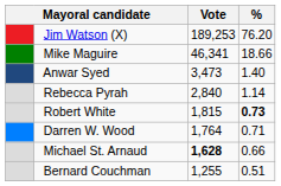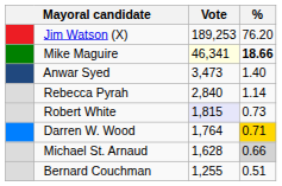 <table class="wikitable">
 <tr>
 <th bgcolor="#DDDDFF" width="230px" colspan="2">Mayoral candidate</th>
 <th bgcolor="#DDDDFF" width="50px">Vote</th>
 <th bgcolor="#DDDDFF" width="30px">%</th>
 </tr>
 <tr>
 <td bgcolor=#ED1D24 width="30px"> </td>
 <td>  <a href='#'>Jim Watson</a> (X)</td>
 <td>189,253</td>
 <td>76.20</td>
 </tr>
 <tr>
 <td bgcolor=#008000 width="30px"> </td>
 <td>  Mike Maguire</td>
-<td>46,341</td>
-<td>18.66</td>
+<td style="background: lightyellow;">46,341</td>
+<td><strong>18.66</strong></td>
 </tr>
 <tr>
 <td bgcolor=#20487E width="30px"> </td>
 <td>  Anwar Syed</td>
 <td>3,473</td>
 <td>1.40</td>
 </tr>
 <tr>
 <td bgcolor=#DCDCDC width="30px"> </td>
 <td>  Rebecca Pyrah</td>
 <td>2,840</td>
 <td>1.14</td>
 </tr>
 <tr>
 <td bgcolor=#DCDCDC width="30px"> </td>
 <td>  Robert White</td>
-<td>1,815</td>
-<td><strong>0.73</strong></td>
+<td style="background: lavender;">1,815</td>
+<td>0.73</td>
 </tr>
 <tr>
 <td bgcolor=#007FFF width="30px"> </td>
 <td>  Darren W. Wood</td>
 <td>1,764</td>
-<td>0.71</td>
+<td style="background: gold;">0.71</td>
 </tr>
 <tr>
 <td bgcolor=#DCDCDC width="30px"> </td>
 <td>  Michael St. Arnaud</td>
-<td><strong>1,628</strong></td>
-<td>0.66</td>
+<td>1,628</td>
+<td style="background: lightgrey;">0.66</td>
 </tr>
 <tr>
 <td bgcolor=#DCDCDC width="30px"> </td>
 <td>  Bernard Couchman</td>
 <td>1,255</td>
 <td>0.51</td>
 </tr>
 </table>
